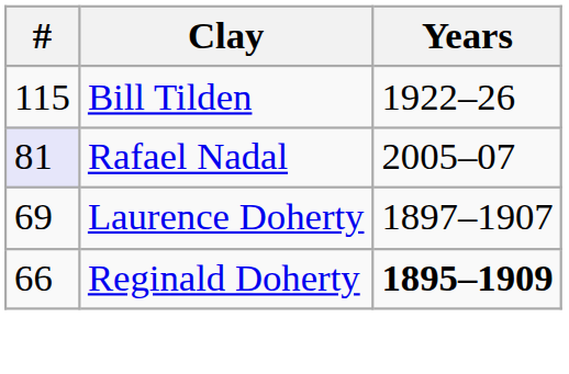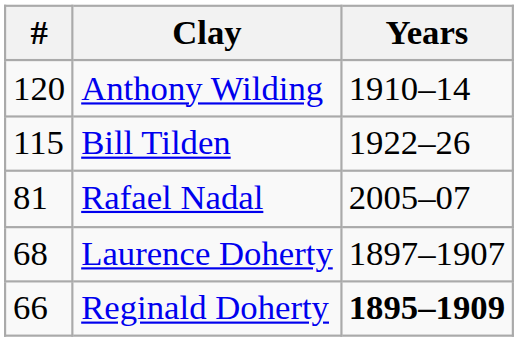 <table class=wikitable style="display:inline-table;">
 <tr>
 <th>#</th>
 <th>Clay</th>
 <th>Years</th>
 </tr>
 <tr>
+<td>120</td>
+<td> <a href='#'>Anthony Wilding</a></td>
+<td>1910–14</td>
+</tr>
+<tr>
 <td>115</td>
 <td> <a href='#'>Bill Tilden</a></td>
 <td>1922–26</td>
 </tr>
 <tr>
-<td style="background: lavender;">81</td>
+<td>81</td>
 <td> <a href='#'>Rafael Nadal</a></td>
 <td>2005–07</td>
 </tr>
 <tr>
-<td>69</td>
+<td>68</td>
 <td> <a href='#'>Laurence Doherty</a></td>
 <td>1897–1907</td>
 </tr>
 <tr>
 <td>66</td>
 <td> <a href='#'>Reginald Doherty</a></td>
 <td><strong>1895–1909</strong></td>
 </tr>
 </table>
